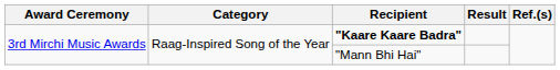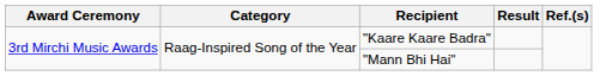 <table class="wikitable">
 <tr>
 <th>Award Ceremony</th>
 <th>Category</th>
 <th>Recipient</th>
 <th>Result</th>
 <th>Ref.(s)</th>
 </tr>
 <tr>
 <td rowspan=2><a href='#'>3rd Mirchi Music Awards</a></td>
 <td rowspan=2>Raag-Inspired Song of the Year</td>
-<td><strong>"Kaare Kaare Badra"</strong></td>
+<td>"Kaare Kaare Badra"</td>
 <td></td>
 <td rowspan=2></td>
 </tr>
 <tr>
 <td>"Mann Bhi Hai"</td>
 <td></td>
 </tr>
 </table>
